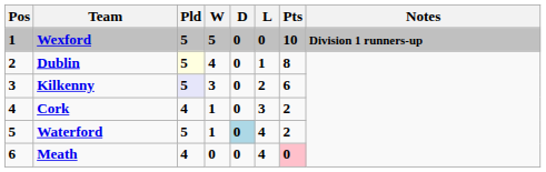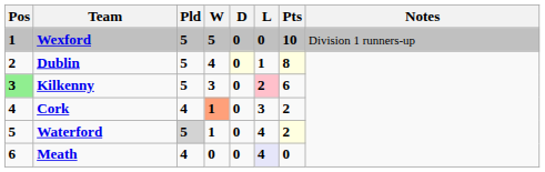 <table class="wikitable" style="text-align: centre;">
 <tr>
 <th width=20>Pos</th>
 <th width=150>Team</th>
 <th width=20>Pld</th>
 <th width=20>W</th>
 <th width=20>D</th>
 <th width=20>L</th>
 <th width=20>Pts</th>
 <th width=250>Notes</th>
 </tr>
 <tr style="background:silver;">
 <td><strong>1</strong></td>
 <td align=left><strong> <a href='#'>Wexford</a> </strong></td>
 <td><strong>5</strong></td>
 <td><strong>5</strong></td>
 <td><strong>0</strong></td>
 <td><strong>0</strong></td>
 <td><strong>10</strong></td>
-<td><strong><small> Division 1 runners-up</small></strong></td>
+<td><small> Division 1 runners-up</small></td>
 </tr>
 <tr style>
 <td><strong>2</strong></td>
 <td align=left><strong> <a href='#'>Dublin</a> </strong></td>
-<td style="background: lightyellow;"><strong>5</strong></td>
+<td><strong>5</strong></td>
 <td><strong>4</strong></td>
-<td><strong>0</strong></td>
+<td style="background: lightyellow;"><strong>0</strong></td>
 <td><strong>1</strong></td>
-<td><strong>8</strong></td>
+<td style="background: lightyellow;"><strong>8</strong></td>
 </tr>
 <tr>
-<td><strong>3</strong></td>
+<td style="background: lightgreen;"><strong>3</strong></td>
 <td align=left><strong> <a href='#'>Kilkenny</a> </strong></td>
-<td style="background: lavender;"><strong>5</strong></td>
+<td><strong>5</strong></td>
 <td><strong>3</strong></td>
 <td><strong>0</strong></td>
-<td><strong>2</strong></td>
+<td style="background: pink;"><strong>2</strong></td>
 <td><strong>6</strong></td>
 </tr>
 <tr>
 <td><strong>4</strong></td>
 <td align=left><strong> <a href='#'>Cork</a> </strong></td>
 <td><strong>4</strong></td>
-<td><strong>1</strong></td>
+<td style="background: lightsalmon;"><strong>1</strong></td>
 <td><strong>0</strong></td>
 <td><strong>3</strong></td>
 <td><strong>2</strong></td>
 </tr>
 <tr style>
 <td><strong>5</strong></td>
 <td align=left><strong> <a href='#'>Waterford</a> </strong></td>
-<td><strong>5</strong></td>
+<td style="background: lightgrey;"><strong>5</strong></td>
 <td><strong>1</strong></td>
-<td style="background: lightblue;"><strong>0</strong></td>
+<td><strong>0</strong></td>
 <td><strong>4</strong></td>
-<td><strong>2</strong></td>
+<td style="background: lightyellow;"><strong>2</strong></td>
 </tr>
 <tr>
 <td><strong>6</strong></td>
 <td align=left><strong> <a href='#'>Meath</a> </strong></td>
 <td><strong>4</strong></td>
 <td><strong>0</strong></td>
 <td><strong>0</strong></td>
-<td><strong>4</strong></td>
-<td style="background: pink;"><strong>0</strong></td>
+<td style="background: lavender;"><strong>4</strong></td>
+<td><strong>0</strong></td>
 </tr>
 </table>
